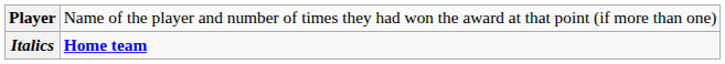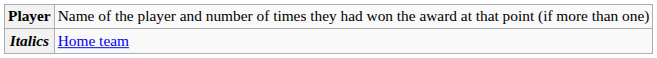 <table class="wikitable">
 <tr>
 <th scope="row"><strong>Player </strong></th>
 <td>Name of the player and number of times they had won the award at that point (if more than one)</td>
 </tr>
 <tr>
 <th scope="row"><em>Italics</em></th>
-<td><strong><a href='#'>Home team</a></strong></td>
+<td><a href='#'>Home team</a></td>
 </tr>
 </table>
